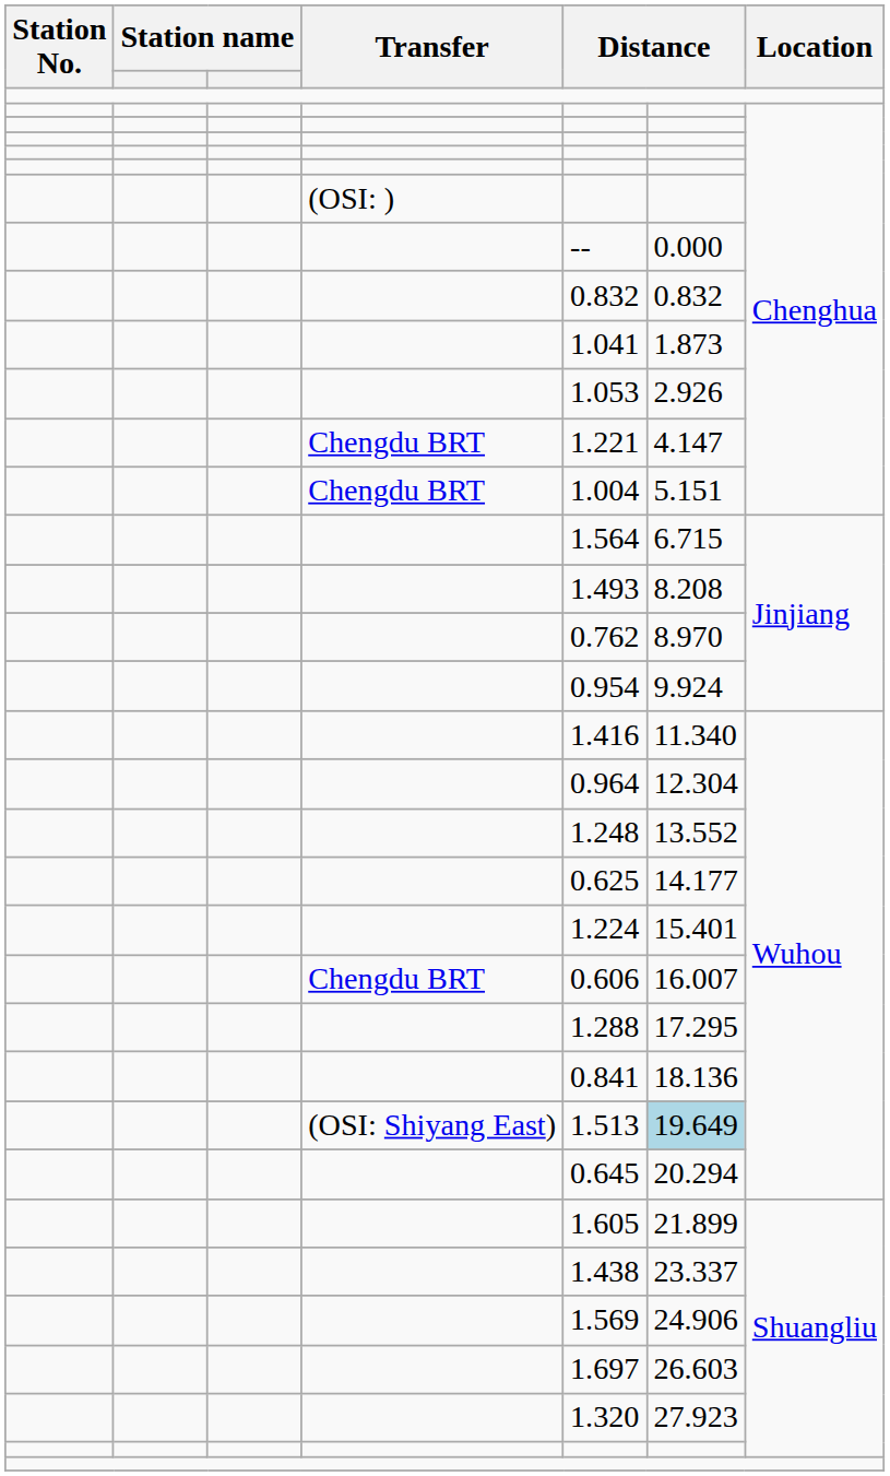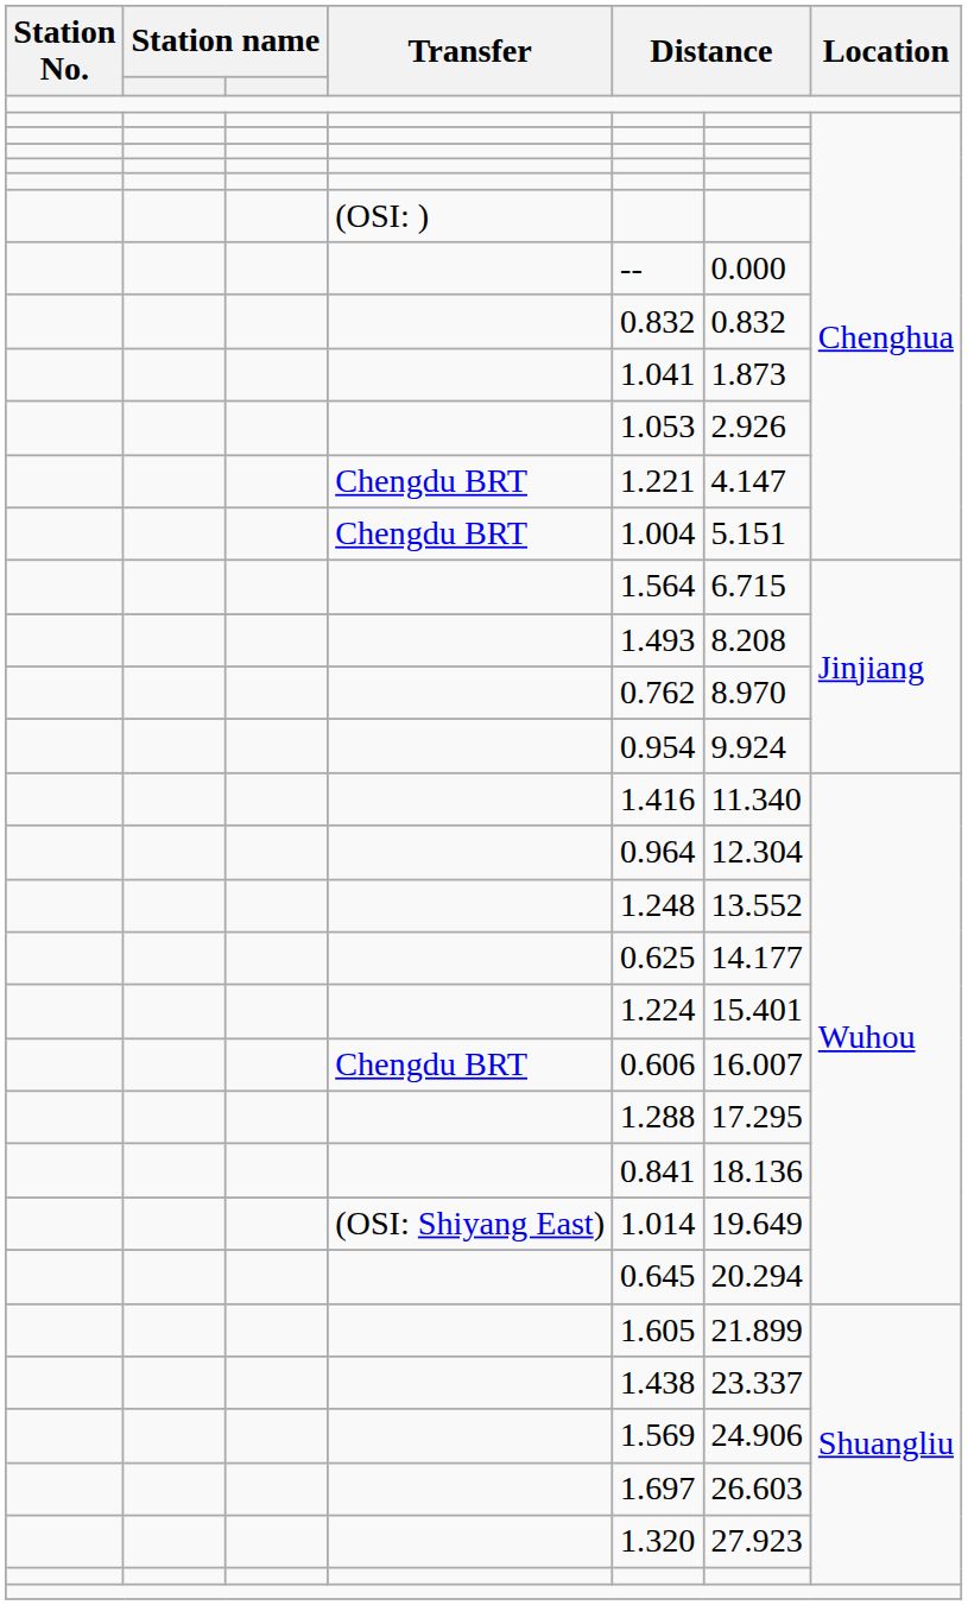 <table class="wikitable">
 <tr>
 <th rowspan="2">Station<br>No.</th>
 <th colspan=2>Station name</th>
 <th rowspan=2>Transfer</th>
 <th colspan="2" rowspan="2">Distance<br></th>
 <th rowspan=2>Location</th>
 </tr>
 <tr>
 <th></th>
 <th></th>
 </tr>
 <tr style="background:#">
 <td colspan="7"></td>
 </tr>
 <tr>
 <td></td>
 <td></td>
 <td></td>
 <td></td>
 <td></td>
 <td></td>
 <td rowspan="12"><a href='#'>Chenghua</a></td>
 </tr>
 <tr>
 <td></td>
 <td></td>
 <td></td>
 <td></td>
 <td></td>
 <td></td>
 </tr>
 <tr>
 <td></td>
 <td></td>
 <td></td>
 <td></td>
 <td></td>
 <td></td>
 </tr>
 <tr>
 <td></td>
 <td></td>
 <td></td>
 <td></td>
 <td></td>
 <td></td>
 </tr>
 <tr>
 <td></td>
 <td></td>
 <td></td>
 <td></td>
 <td></td>
 <td></td>
 </tr>
 <tr>
 <td></td>
 <td></td>
 <td></td>
 <td> (OSI: )</td>
 <td></td>
 <td></td>
 </tr>
 <tr>
 <td></td>
 <td></td>
 <td></td>
 <td></td>
 <td>--</td>
 <td>0.000</td>
 </tr>
 <tr>
 <td></td>
 <td></td>
 <td></td>
 <td></td>
 <td>0.832</td>
 <td>0.832</td>
 </tr>
 <tr>
 <td></td>
 <td></td>
 <td></td>
 <td></td>
 <td>1.041</td>
 <td>1.873</td>
 </tr>
 <tr>
 <td></td>
 <td></td>
 <td></td>
 <td></td>
 <td>1.053</td>
 <td>2.926</td>
 </tr>
 <tr>
 <td></td>
 <td></td>
 <td></td>
 <td> <a href='#'>Chengdu BRT</a></td>
 <td>1.221</td>
 <td>4.147</td>
 </tr>
 <tr>
 <td></td>
 <td></td>
 <td></td>
 <td>  <a href='#'>Chengdu BRT</a></td>
 <td>1.004</td>
 <td>5.151</td>
 </tr>
 <tr>
 <td></td>
 <td></td>
 <td></td>
 <td></td>
 <td>1.564</td>
 <td>6.715</td>
 <td rowspan="4"><a href='#'>Jinjiang</a></td>
 </tr>
 <tr>
 <td></td>
 <td></td>
 <td></td>
 <td></td>
 <td>1.493</td>
 <td>8.208</td>
 </tr>
 <tr>
 <td></td>
 <td></td>
 <td></td>
 <td></td>
 <td>0.762</td>
 <td>8.970</td>
 </tr>
 <tr>
 <td></td>
 <td></td>
 <td></td>
 <td></td>
 <td>0.954</td>
 <td>9.924</td>
 </tr>
 <tr>
 <td></td>
 <td></td>
 <td></td>
 <td></td>
 <td>1.416</td>
 <td>11.340</td>
 <td rowspan="10"><a href='#'>Wuhou</a></td>
 </tr>
 <tr>
 <td></td>
 <td></td>
 <td></td>
 <td> </td>
 <td>0.964</td>
 <td>12.304</td>
 </tr>
 <tr>
 <td></td>
 <td></td>
 <td></td>
 <td></td>
 <td>1.248</td>
 <td>13.552</td>
 </tr>
 <tr>
 <td></td>
 <td></td>
 <td></td>
 <td></td>
 <td>0.625</td>
 <td>14.177</td>
 </tr>
 <tr>
 <td></td>
 <td></td>
 <td></td>
 <td></td>
 <td>1.224</td>
 <td>15.401</td>
 </tr>
 <tr>
 <td></td>
 <td></td>
 <td></td>
 <td>  <a href='#'>Chengdu BRT</a></td>
 <td>0.606</td>
 <td>16.007</td>
 </tr>
 <tr>
 <td></td>
 <td></td>
 <td></td>
 <td></td>
 <td>1.288</td>
 <td>17.295</td>
 </tr>
 <tr>
 <td></td>
 <td></td>
 <td></td>
 <td></td>
 <td>0.841</td>
 <td>18.136</td>
 </tr>
 <tr>
 <td></td>
 <td></td>
 <td></td>
 <td> (OSI: <a href='#'>Shiyang East</a>)</td>
-<td>1.513</td>
-<td style="background: lightblue;">19.649</td>
+<td>1.014</td>
+<td>19.649</td>
 </tr>
 <tr>
 <td></td>
 <td></td>
 <td></td>
 <td></td>
 <td>0.645</td>
 <td>20.294</td>
 </tr>
 <tr>
 <td></td>
 <td></td>
 <td></td>
 <td></td>
 <td>1.605</td>
 <td>21.899</td>
 <td rowspan="6"><a href='#'>Shuangliu</a></td>
 </tr>
 <tr>
 <td></td>
 <td></td>
 <td></td>
 <td></td>
 <td>1.438</td>
 <td>23.337</td>
 </tr>
 <tr>
 <td></td>
 <td></td>
 <td></td>
 <td></td>
 <td>1.569</td>
 <td>24.906</td>
 </tr>
 <tr>
 <td></td>
 <td></td>
 <td></td>
 <td></td>
 <td>1.697</td>
 <td>26.603</td>
 </tr>
 <tr>
 <td></td>
 <td></td>
 <td></td>
 <td></td>
 <td>1.320</td>
 <td>27.923</td>
 </tr>
 <tr>
 <td></td>
 <td></td>
 <td></td>
 <td></td>
 <td></td>
 <td></td>
 </tr>
 <tr style="background:#">
 <td colspan="7"></td>
 </tr>
 </table>
